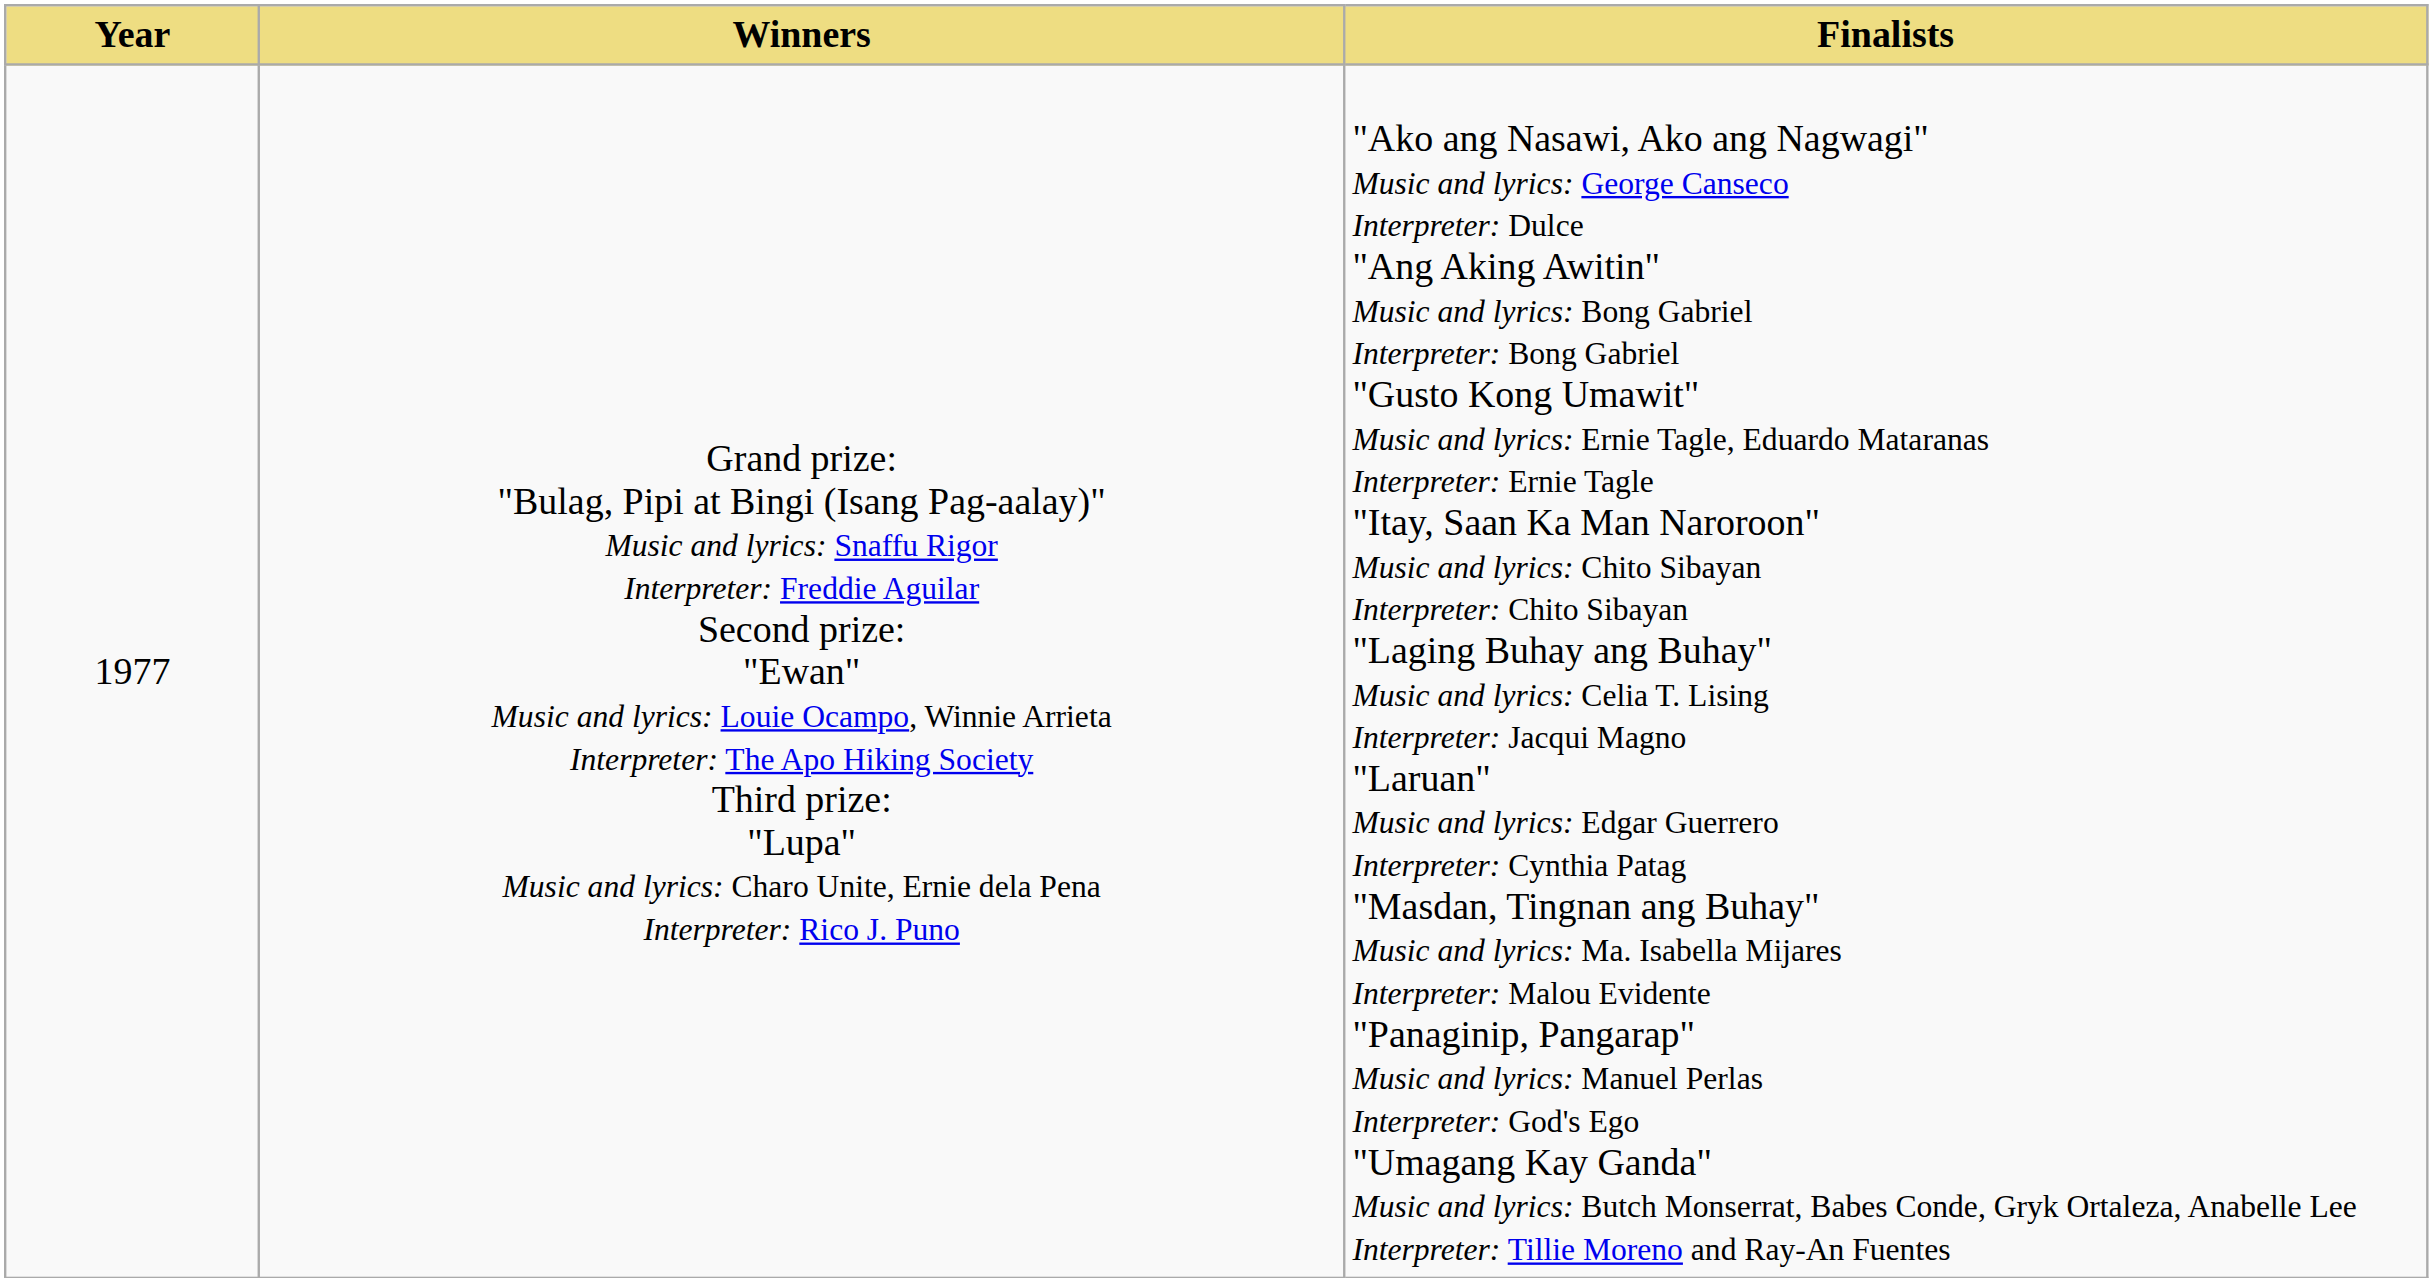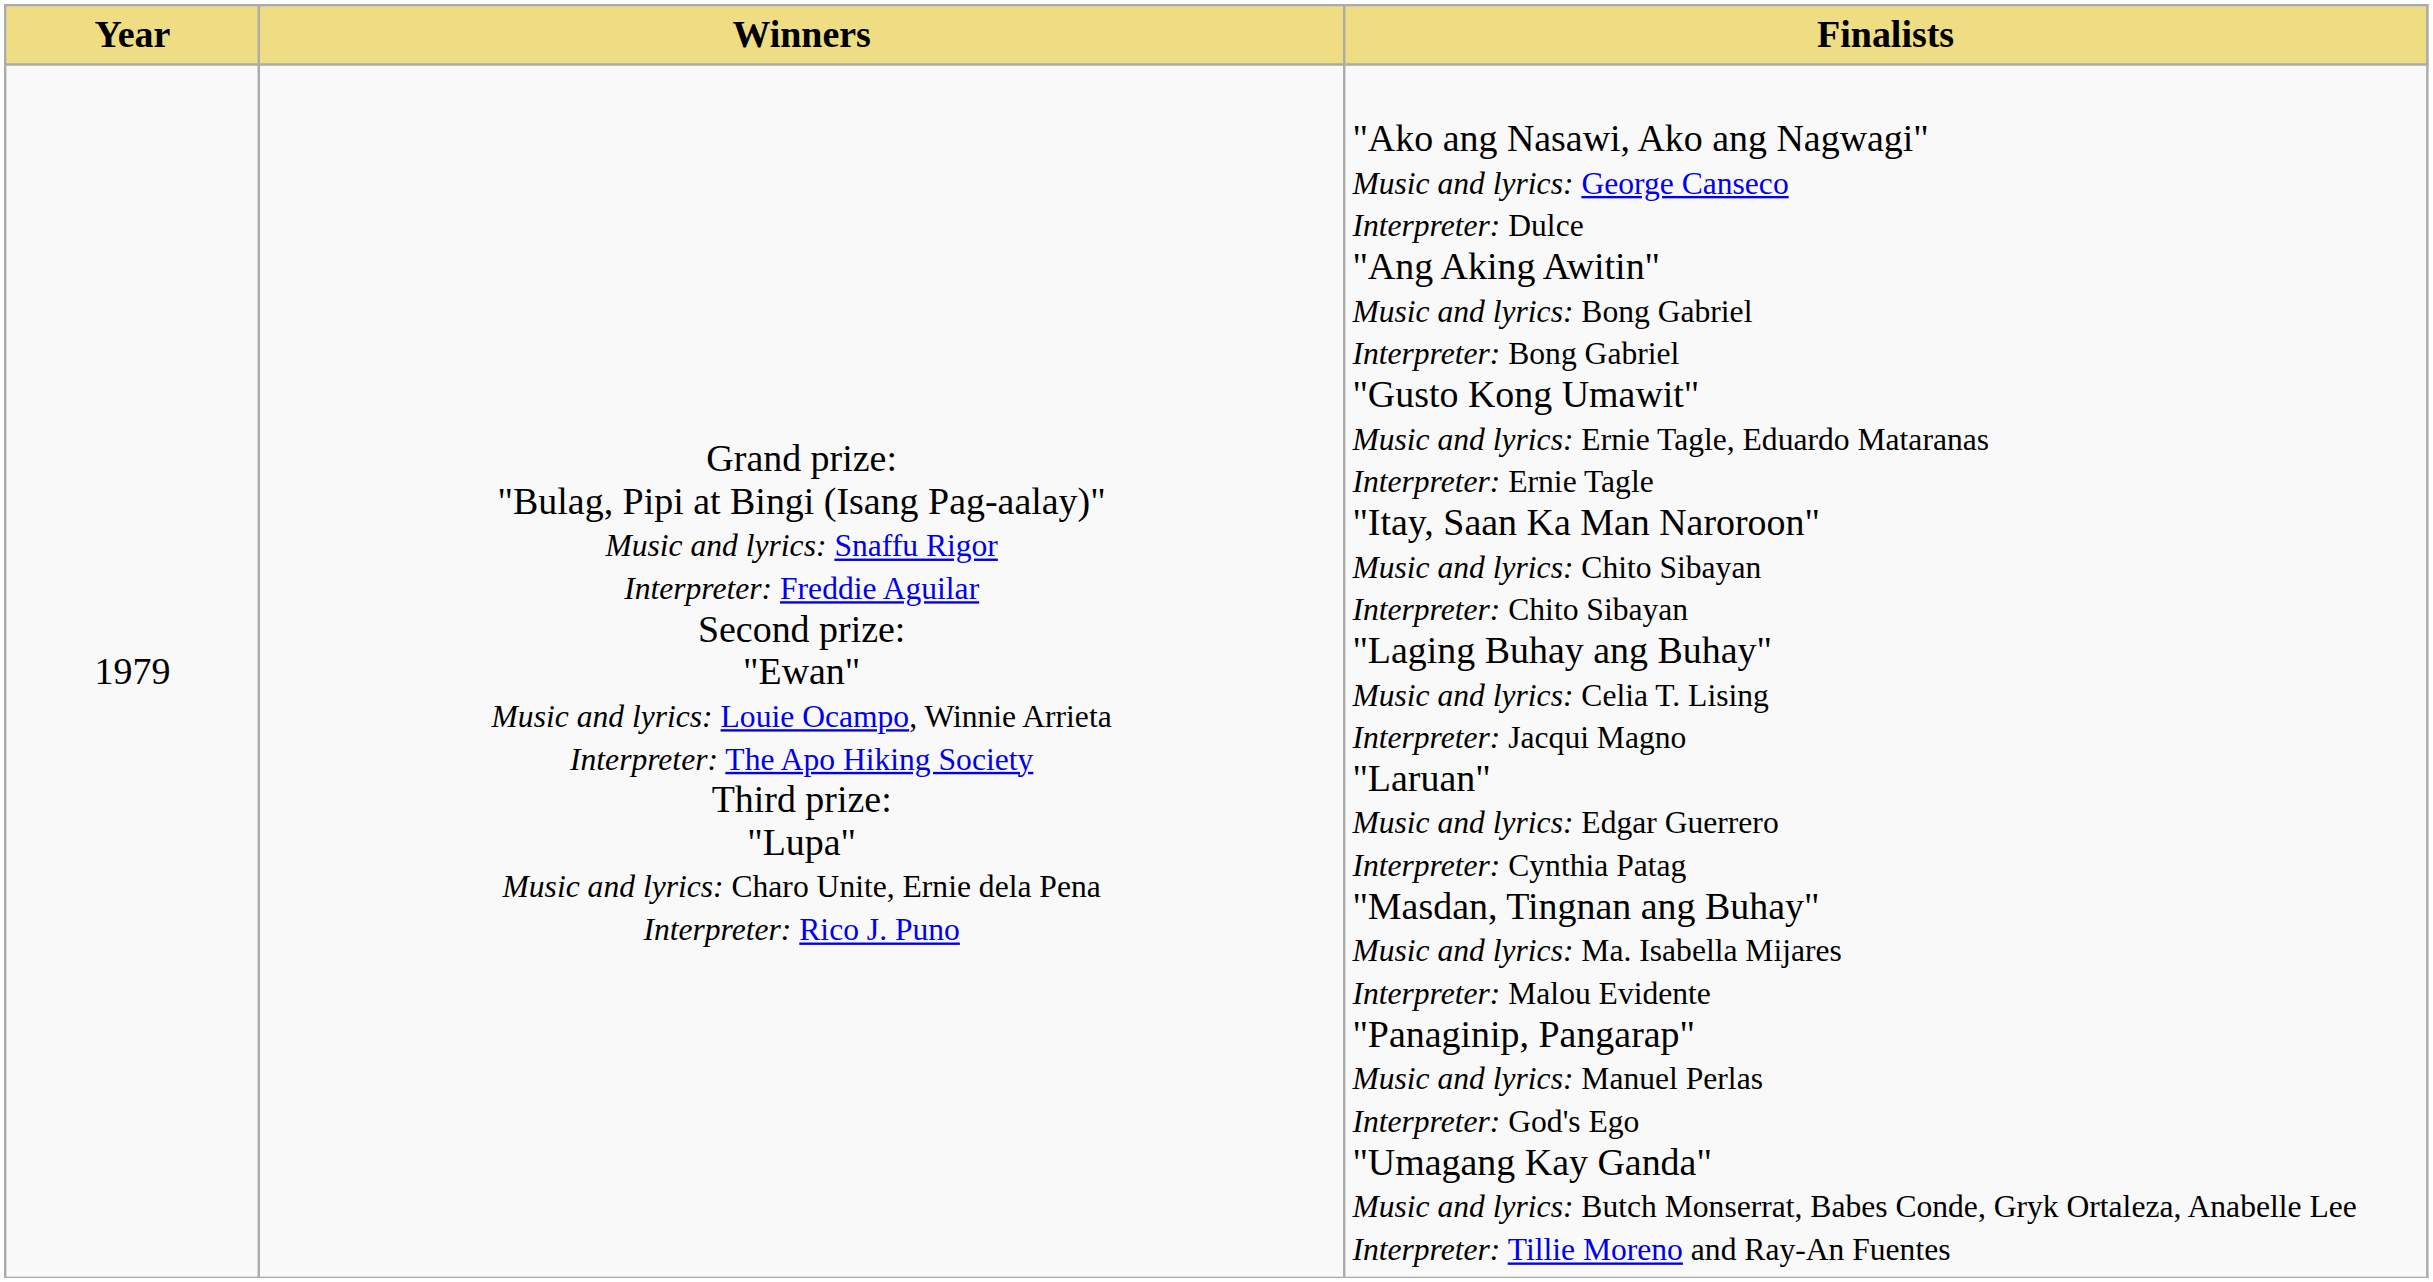 <table class="wikitable" border="1">
 <tr align=center bgcolor=lavender>
 <th style="background:#EEDD82;" width=100>Year</th>
 <th style="background:#EEDD82;" width=450>Winners</th>
 <th style="background:#EEDD82;" width=450>Finalists</th>
 </tr>
 <tr>
-<td align="center" valign="center">1977</td>
+<td align="center" valign="center">1979</td>
 <td align="center" valign="center"><br>Grand prize:<br>  "Bulag, Pipi at Bingi (Isang Pag-aalay)"<br> <small><em>Music and lyrics:</em> <a href='#'>Snaffu Rigor</a><br> <em>Interpreter:</em> <a href='#'>Freddie Aguilar</a></small><br>Second prize:<br> "Ewan"<br> <small><em>Music and lyrics:</em> <a href='#'>Louie Ocampo</a>, Winnie Arrieta<br> <em>Interpreter:</em> <a href='#'>The Apo Hiking Society</a></small><br>Third prize:<br> "Lupa"<br> <small><em>Music and lyrics:</em> Charo Unite, Ernie dela Pena<br> <em>Interpreter:</em> <a href='#'>Rico J. Puno</a></small></td>
 <td><br>"Ako ang Nasawi, Ako ang Nagwagi"<br> <small><em>Music and lyrics:</em> <a href='#'>George Canseco</a><br> <em>Interpreter:</em> Dulce</small><br>"Ang Aking Awitin"<br> <small><em>Music and lyrics:</em> Bong Gabriel<br> <em>Interpreter:</em> Bong Gabriel</small><br>"Gusto Kong Umawit"<br> <small><em>Music and lyrics:</em> Ernie Tagle, Eduardo Mataranas<br> <em>Interpreter:</em> Ernie Tagle</small><br>"Itay, Saan Ka Man Naroroon"<br> <small><em>Music and lyrics:</em> Chito Sibayan<br> <em>Interpreter:</em> Chito Sibayan</small><br>"Laging Buhay ang Buhay"<br> <small><em>Music and lyrics:</em> Celia T. Lising<br> <em>Interpreter:</em> Jacqui Magno</small><br>"Laruan"<br> <small><em>Music and lyrics:</em> Edgar Guerrero<br> <em>Interpreter:</em> Cynthia Patag</small><br>"Masdan, Tingnan ang Buhay"<br> <small><em>Music and lyrics:</em> Ma. Isabella Mijares<br> <em>Interpreter:</em> Malou Evidente</small><br>"Panaginip, Pangarap"<br> <small><em>Music and lyrics:</em> Manuel Perlas<br> <em>Interpreter:</em> God's Ego</small><br>"Umagang Kay Ganda"<br> <small><em>Music and lyrics:</em> Butch Monserrat, Babes Conde, Gryk Ortaleza, Anabelle Lee<br> <em>Interpreter:</em> <a href='#'>Tillie Moreno</a> and Ray-An Fuentes</small></td>
 </tr>
 </table>
